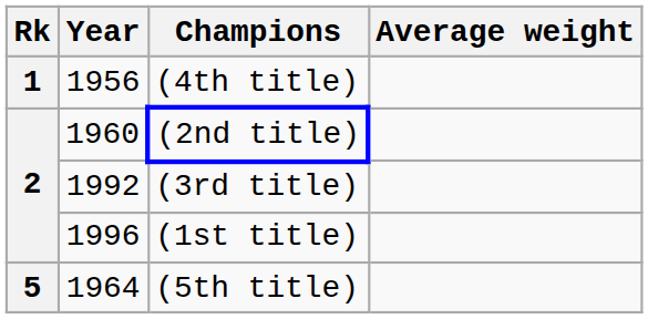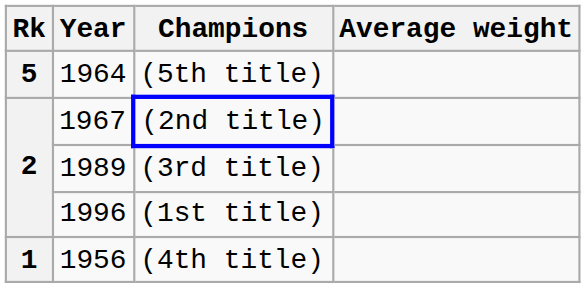 <table class="wikitable sticky-header" style="text-align: center; margin-left: 1em; display: inline-table;">
 <tr>
 <th scope="col">Rk</th>
 <th scope="col">Year</th>
 <th scope="col">Champions</th>
 <th scope="col">Average weight</th>
 </tr>
 <tr>
-<th scope="row">1</th>
-<td>1956</td>
-<td style="text-align: left;"> (4th title)</td>
+<th scope="row">5</th>
+<td>1964</td>
+<td style="text-align: left;"> (5th title)</td>
 <td style="text-align: right;"><strong></strong></td>
 </tr>
 <tr>
 <th scope="rowgroup" rowspan="3">2</th>
-<td>1960</td>
+<td>1967</td>
 <td style="border: 2px solid blue; text-align: left;"> (2nd title)</td>
 <td style="text-align: right;"><strong></strong></td>
 </tr>
 <tr>
-<td>1992</td>
+<td>1989</td>
 <td style="text-align: left;"> (3rd title)</td>
 <td style="text-align: right;"><strong></strong></td>
 </tr>
 <tr>
 <td>1996</td>
 <td style="text-align: left;"> (1st title)</td>
 <td style="text-align: right;"><strong></strong></td>
 </tr>
 <tr>
-<th scope="row">5</th>
-<td>1964</td>
-<td style="text-align: left;"> (5th title)</td>
+<th scope="row">1</th>
+<td>1956</td>
+<td style="text-align: left;"> (4th title)</td>
 <td style="text-align: right;"><strong></strong></td>
 </tr>
 </table>
